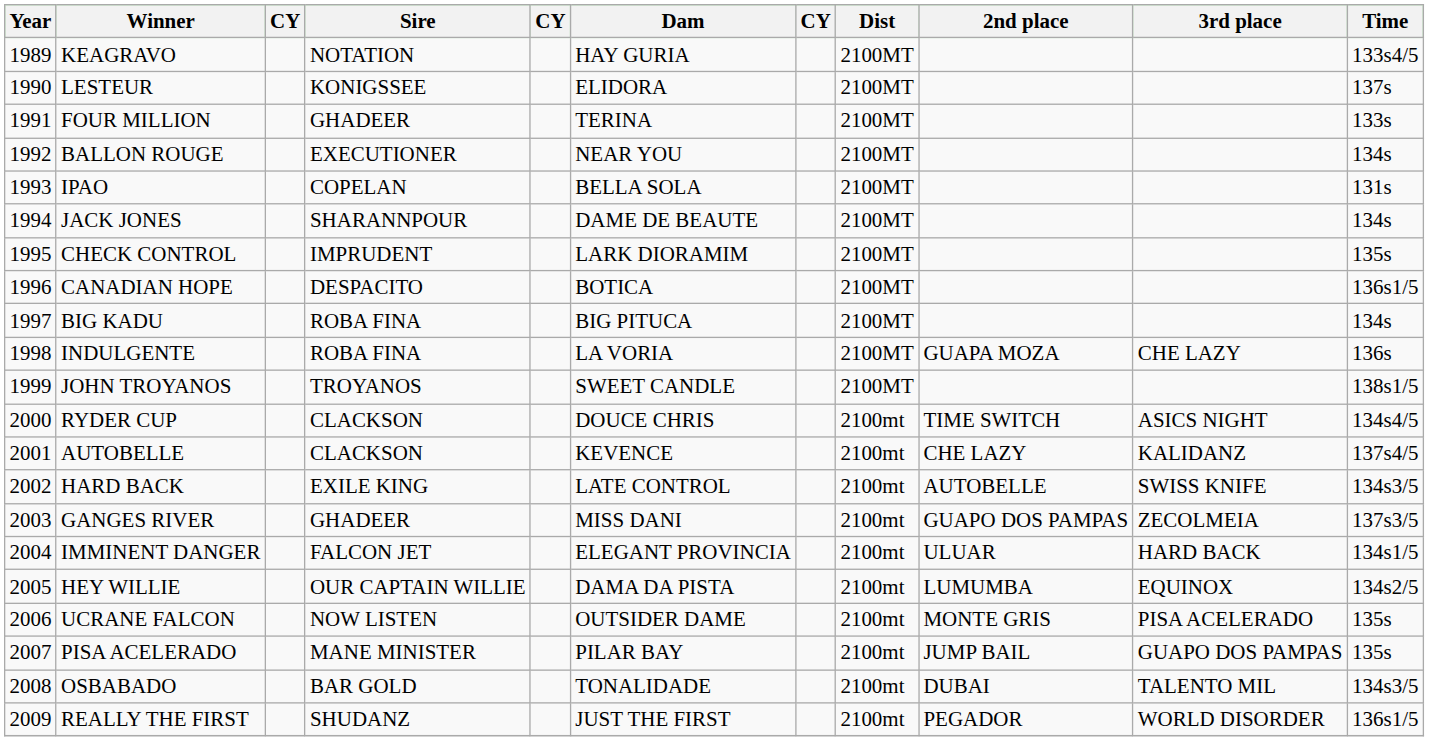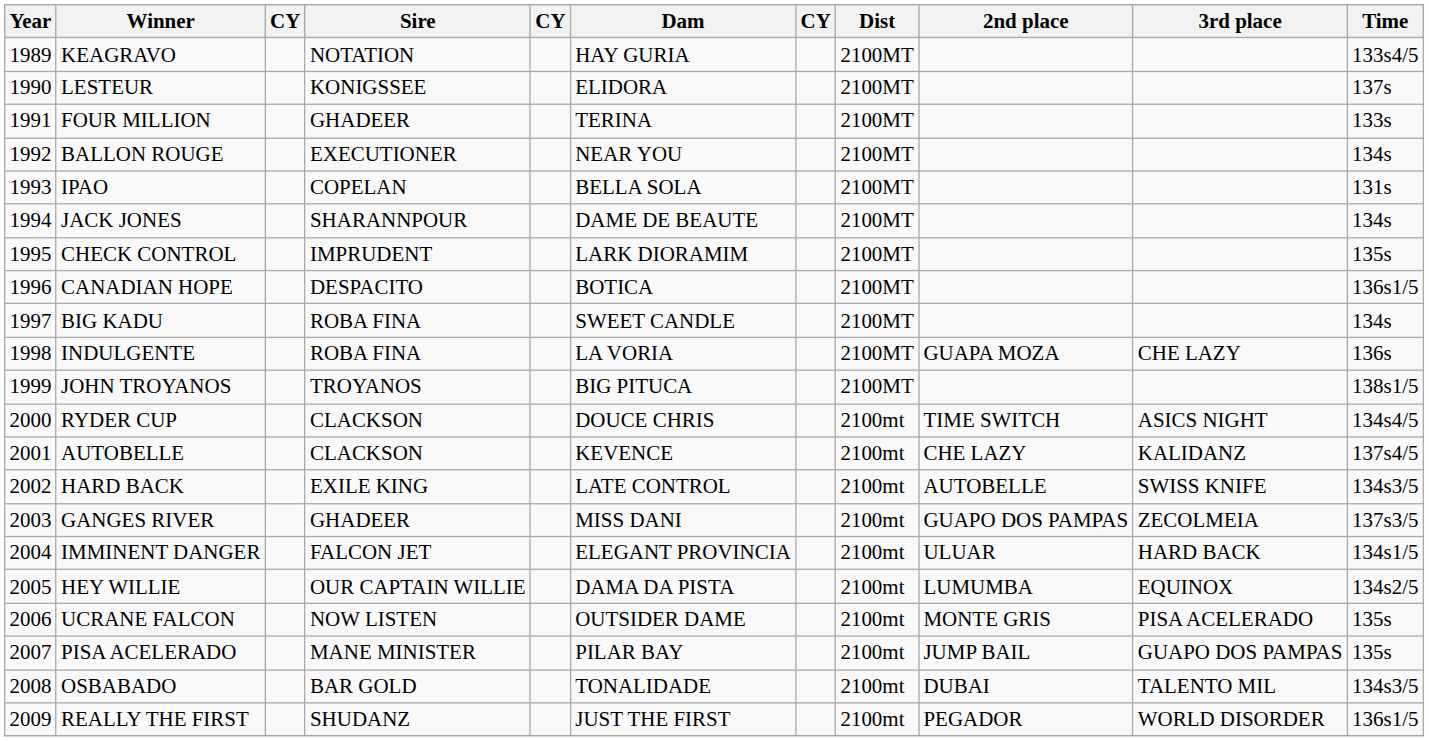 <table class = "sortable wikitable">
 <tr style="background:#7d7; text-align:center;">
 <th>Year</th>
 <th>Winner</th>
 <th>CY</th>
 <th>Sire</th>
 <th>CY</th>
 <th>Dam</th>
 <th>CY</th>
 <th style="white-space:nowrap">Dist</th>
 <th>2nd place</th>
 <th>3rd place</th>
 <th>Time</th>
 </tr>
 <tr>
 <td>1989</td>
 <td>KEAGRAVO</td>
 <td></td>
 <td>NOTATION</td>
 <td></td>
 <td>HAY GURIA</td>
 <td></td>
 <td>2100MT</td>
 <td></td>
 <td></td>
 <td>133s4/5</td>
 </tr>
 <tr>
 <td>1990</td>
 <td>LESTEUR</td>
 <td></td>
 <td>KONIGSSEE</td>
 <td></td>
 <td>ELIDORA</td>
 <td></td>
 <td>2100MT</td>
 <td></td>
 <td></td>
 <td>137s</td>
 </tr>
 <tr>
 <td>1991</td>
 <td>FOUR MILLION</td>
 <td></td>
 <td>GHADEER</td>
 <td></td>
 <td>TERINA</td>
 <td></td>
 <td>2100MT</td>
 <td></td>
 <td></td>
 <td>133s</td>
 </tr>
 <tr>
 <td>1992</td>
 <td>BALLON ROUGE</td>
 <td></td>
 <td>EXECUTIONER</td>
 <td></td>
 <td>NEAR YOU</td>
 <td></td>
 <td>2100MT</td>
 <td></td>
 <td></td>
 <td>134s</td>
 </tr>
 <tr>
 <td>1993</td>
 <td>IPAO</td>
 <td></td>
 <td>COPELAN</td>
 <td></td>
 <td>BELLA SOLA</td>
 <td></td>
 <td>2100MT</td>
 <td></td>
 <td></td>
 <td>131s</td>
 </tr>
 <tr>
 <td>1994</td>
 <td>JACK JONES</td>
 <td></td>
 <td>SHARANNPOUR</td>
 <td></td>
 <td>DAME DE BEAUTE</td>
 <td></td>
 <td>2100MT</td>
 <td></td>
 <td></td>
 <td>134s</td>
 </tr>
 <tr>
 <td>1995</td>
 <td>CHECK CONTROL</td>
 <td></td>
 <td>IMPRUDENT</td>
 <td></td>
 <td>LARK DIORAMIM</td>
 <td></td>
 <td>2100MT</td>
 <td></td>
 <td></td>
 <td>135s</td>
 </tr>
 <tr>
 <td>1996</td>
 <td>CANADIAN HOPE</td>
 <td></td>
 <td>DESPACITO</td>
 <td></td>
 <td>BOTICA</td>
 <td></td>
 <td>2100MT</td>
 <td></td>
 <td></td>
 <td>136s1/5</td>
 </tr>
 <tr>
 <td>1997</td>
 <td>BIG KADU</td>
 <td></td>
 <td>ROBA FINA</td>
 <td></td>
-<td>BIG PITUCA</td>
+<td>SWEET CANDLE</td>
 <td></td>
 <td>2100MT</td>
 <td></td>
 <td></td>
 <td>134s</td>
 </tr>
 <tr>
 <td>1998</td>
 <td>INDULGENTE</td>
 <td></td>
 <td>ROBA FINA</td>
 <td></td>
 <td>LA VORIA</td>
 <td></td>
 <td>2100MT</td>
 <td>GUAPA MOZA</td>
 <td>CHE LAZY</td>
 <td>136s</td>
 </tr>
 <tr>
 <td>1999</td>
 <td>JOHN TROYANOS</td>
 <td></td>
 <td>TROYANOS</td>
 <td></td>
-<td>SWEET CANDLE</td>
+<td>BIG PITUCA</td>
 <td></td>
 <td>2100MT</td>
 <td></td>
 <td></td>
 <td>138s1/5</td>
 </tr>
 <tr>
 <td>2000</td>
 <td>RYDER CUP</td>
 <td></td>
 <td>CLACKSON</td>
 <td></td>
 <td>DOUCE CHRIS</td>
 <td></td>
 <td>2100mt</td>
 <td>TIME SWITCH</td>
 <td>ASICS NIGHT</td>
 <td>134s4/5</td>
 </tr>
 <tr>
 <td>2001</td>
 <td>AUTOBELLE</td>
 <td></td>
 <td>CLACKSON</td>
 <td></td>
 <td>KEVENCE</td>
 <td></td>
 <td>2100mt</td>
 <td>CHE LAZY</td>
 <td>KALIDANZ</td>
 <td>137s4/5</td>
 </tr>
 <tr>
 <td>2002</td>
 <td>HARD BACK</td>
 <td></td>
 <td>EXILE KING</td>
 <td></td>
 <td>LATE CONTROL</td>
 <td></td>
 <td>2100mt</td>
 <td>AUTOBELLE</td>
 <td>SWISS KNIFE</td>
 <td>134s3/5</td>
 </tr>
 <tr>
 <td>2003</td>
 <td>GANGES RIVER</td>
 <td></td>
 <td>GHADEER</td>
 <td></td>
 <td>MISS DANI</td>
 <td></td>
 <td>2100mt</td>
 <td>GUAPO DOS PAMPAS</td>
 <td>ZECOLMEIA</td>
 <td>137s3/5</td>
 </tr>
 <tr>
 <td>2004</td>
 <td>IMMINENT DANGER</td>
 <td></td>
 <td>FALCON JET</td>
 <td></td>
 <td>ELEGANT PROVINCIA</td>
 <td></td>
 <td>2100mt</td>
 <td>ULUAR</td>
 <td>HARD BACK</td>
 <td>134s1/5</td>
 </tr>
 <tr>
 <td>2005</td>
 <td>HEY WILLIE</td>
 <td></td>
 <td>OUR CAPTAIN WILLIE</td>
 <td></td>
 <td>DAMA DA PISTA</td>
 <td></td>
 <td>2100mt</td>
 <td>LUMUMBA</td>
 <td>EQUINOX</td>
 <td>134s2/5</td>
 </tr>
 <tr>
 <td>2006</td>
 <td>UCRANE FALCON</td>
 <td></td>
 <td>NOW LISTEN</td>
 <td></td>
 <td>OUTSIDER DAME</td>
 <td></td>
 <td>2100mt</td>
 <td>MONTE GRIS</td>
 <td>PISA ACELERADO</td>
 <td>135s</td>
 </tr>
 <tr>
 <td>2007</td>
 <td>PISA ACELERADO</td>
 <td></td>
 <td>MANE MINISTER</td>
 <td></td>
 <td>PILAR BAY</td>
 <td></td>
 <td>2100mt</td>
 <td>JUMP BAIL</td>
 <td>GUAPO DOS PAMPAS</td>
 <td>135s</td>
 </tr>
 <tr>
 <td>2008</td>
 <td>OSBABADO</td>
 <td></td>
 <td>BAR GOLD</td>
 <td></td>
 <td>TONALIDADE</td>
 <td></td>
 <td>2100mt</td>
 <td>DUBAI</td>
 <td>TALENTO MIL</td>
 <td>134s3/5</td>
 </tr>
 <tr>
 <td>2009</td>
 <td>REALLY THE FIRST</td>
 <td></td>
 <td>SHUDANZ</td>
 <td></td>
 <td>JUST THE FIRST</td>
 <td></td>
 <td>2100mt</td>
 <td>PEGADOR</td>
 <td>WORLD DISORDER</td>
 <td>136s1/5</td>
 </tr>
 <tr>
 </tr>
 </table>
